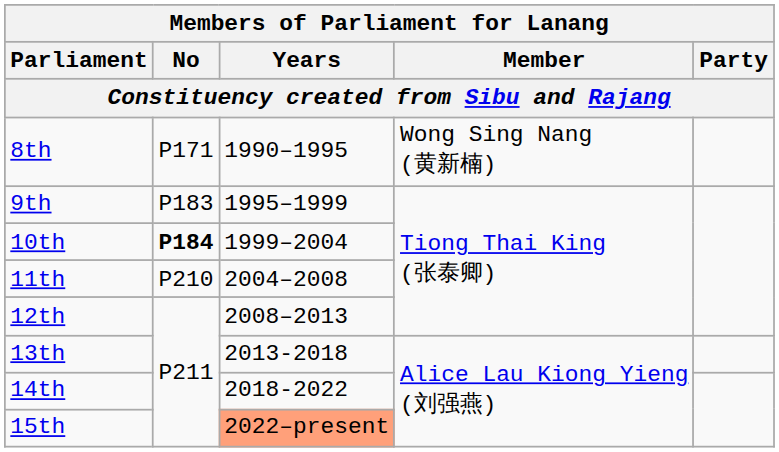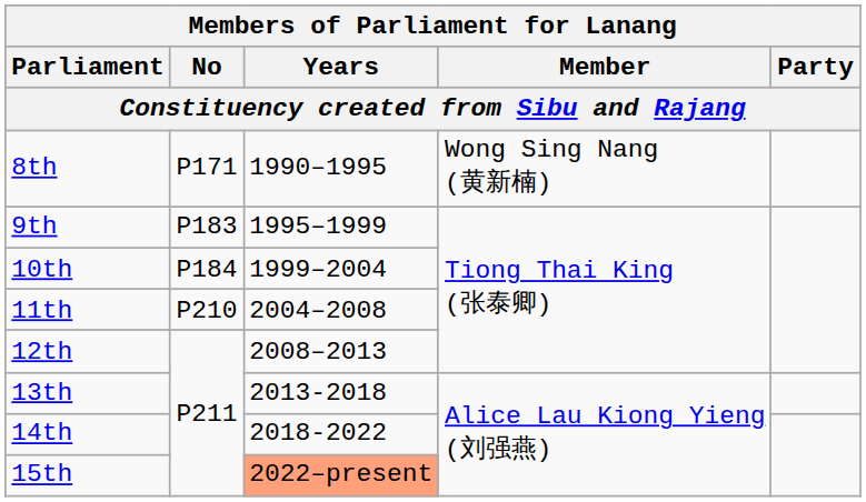 <table class=wikitable>
 <tr>
 <th colspan="5">Members of Parliament for Lanang</th>
 </tr>
 <tr>
 <th>Parliament</th>
 <th>No</th>
 <th>Years</th>
 <th>Member</th>
 <th>Party</th>
 </tr>
 <tr>
 <th colspan="5" align="center"><em>Constituency created  from <a href='#'>Sibu</a> and <a href='#'>Rajang</a></em></th>
 </tr>
 <tr>
 <td><a href='#'>8th</a></td>
 <td>P171</td>
 <td>1990–1995</td>
 <td>Wong Sing Nang <br> (黄新楠)</td>
 <td bgcolor=></td>
 </tr>
 <tr>
 <td><a href='#'>9th</a></td>
 <td>P183</td>
 <td>1995–1999</td>
 <td rowspan=4><a href='#'>Tiong Thai King</a> <br> (张泰卿)</td>
 <td rowspan="4"></td>
 </tr>
 <tr>
 <td><a href='#'>10th</a></td>
-<td><strong>P184</strong></td>
+<td>P184</td>
 <td>1999–2004</td>
 </tr>
 <tr>
 <td><a href='#'>11th</a></td>
 <td>P210</td>
 <td>2004–2008</td>
 </tr>
 <tr>
 <td><a href='#'>12th</a></td>
 <td rowspan="5">P211</td>
 <td>2008–2013</td>
 </tr>
 <tr>
 <td><a href='#'>13th</a></td>
 <td>2013-2018</td>
 <td rowspan="3"><a href='#'>Alice Lau Kiong Yieng</a> <br> (刘强燕)</td>
 <td></td>
 </tr>
 <tr>
 <td><a href='#'>14th</a></td>
 <td>2018-2022</td>
 <td rowspan="2"></td>
 </tr>
 <tr>
 <td><a href='#'>15th</a></td>
 <td style="background: lightsalmon;">2022–present</td>
 </tr>
 </table>
